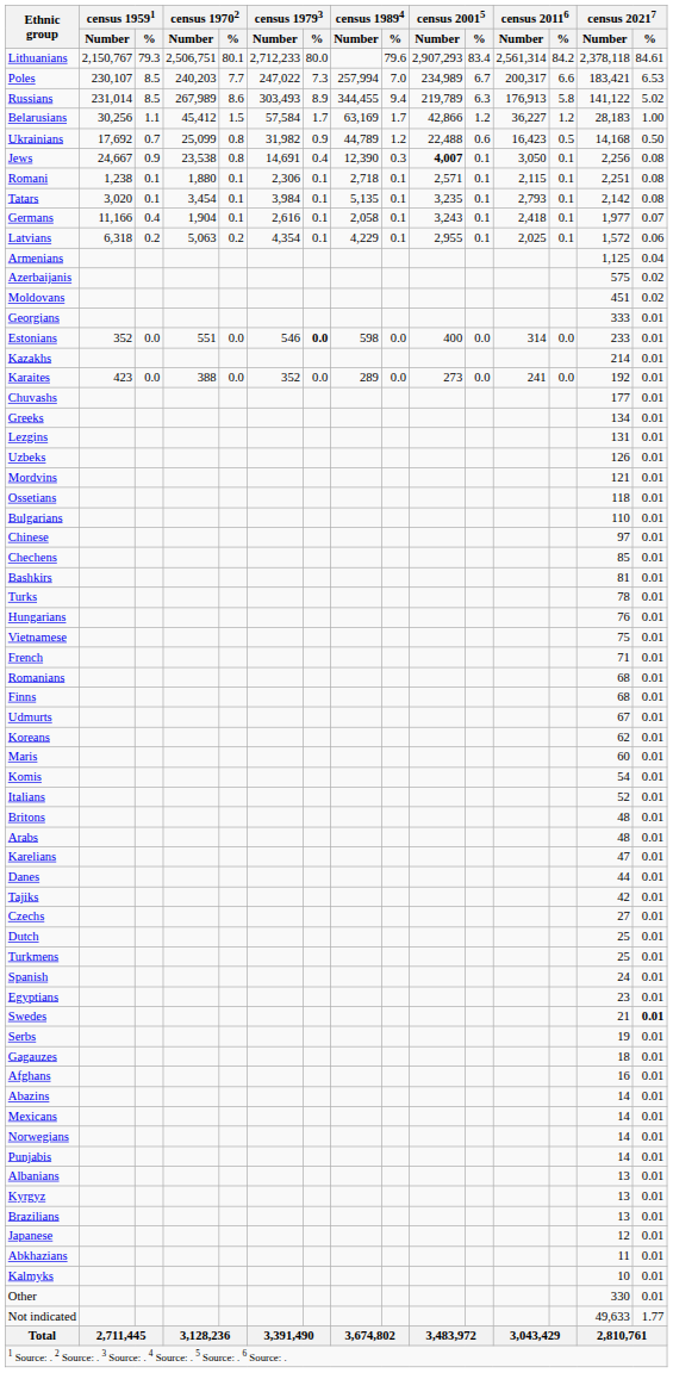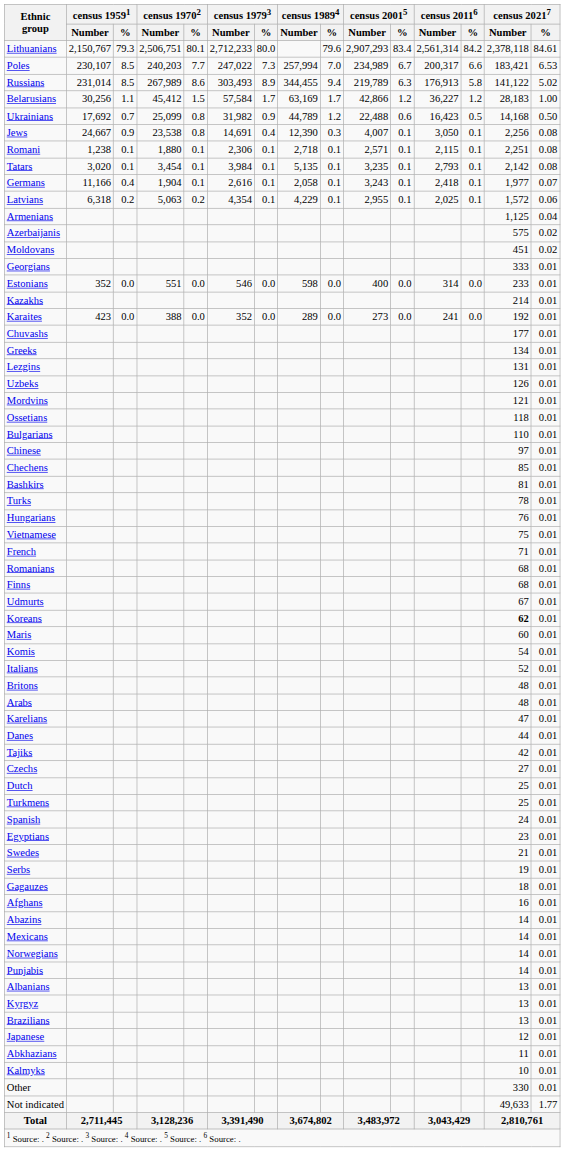 <table class="wikitable sortable">
 <tr bgcolor="#e0e0e0">
 <th rowspan="2">Ethnic<br>group</th>
 <th colspan="2">census 1959<sup>1</sup></th>
 <th colspan="2">census 1970<sup>2</sup></th>
 <th colspan="2">census 1979<sup>3</sup></th>
 <th colspan="2">census 1989<sup>4</sup></th>
 <th colspan="2">census 2001<sup>5</sup></th>
 <th colspan="2">census 2011<sup>6</sup></th>
 <th colspan="2">census 2021<sup>7</sup></th>
 </tr>
 <tr bgcolor="#e0e0e0">
 <th>Number</th>
 <th>%</th>
 <th>Number</th>
 <th>%</th>
 <th>Number</th>
 <th>%</th>
 <th>Number</th>
 <th>%</th>
 <th>Number</th>
 <th>%</th>
 <th>Number</th>
 <th>%</th>
 <th>Number</th>
 <th>%</th>
 </tr>
 <tr>
 <td><a href='#'>Lithuanians</a></td>
 <td align="right">2,150,767</td>
 <td align="right">79.3</td>
 <td align="right">2,506,751</td>
 <td align="right">80.1</td>
 <td align="right">2,712,233</td>
 <td align="right">80.0</td>
 <td align="right"></td>
 <td align="right">79.6</td>
 <td align="right">2,907,293</td>
 <td align="right">83.4</td>
 <td align="right">2,561,314</td>
 <td align="right">84.2</td>
 <td align="right">2,378,118</td>
 <td align="right">84.61</td>
 </tr>
 <tr>
 <td><a href='#'>Poles</a></td>
 <td align="right">230,107</td>
 <td align="right">8.5</td>
 <td align="right">240,203</td>
 <td align="right">7.7</td>
 <td align="right">247,022</td>
 <td align="right">7.3</td>
 <td align="right">257,994</td>
 <td align="right">7.0</td>
 <td align="right">234,989</td>
 <td align="right">6.7</td>
 <td align="right">200,317</td>
 <td align="right">6.6</td>
 <td align="right">183,421</td>
 <td align="right">6.53</td>
 </tr>
 <tr>
 <td><a href='#'>Russians</a></td>
 <td align="right">231,014</td>
 <td align="right">8.5</td>
 <td align="right">267,989</td>
 <td align="right">8.6</td>
 <td align="right">303,493</td>
 <td align="right">8.9</td>
 <td align="right">344,455</td>
 <td align="right">9.4</td>
 <td align="right">219,789</td>
 <td align="right">6.3</td>
 <td align="right">176,913</td>
 <td align="right">5.8</td>
 <td align="right">141,122</td>
 <td align="right">5.02</td>
 </tr>
 <tr>
 <td><a href='#'>Belarusians</a></td>
 <td align="right">30,256</td>
 <td align="right">1.1</td>
 <td align="right">45,412</td>
 <td align="right">1.5</td>
 <td align="right">57,584</td>
 <td align="right">1.7</td>
 <td align="right">63,169</td>
 <td align="right">1.7</td>
 <td align="right">42,866</td>
 <td align="right">1.2</td>
 <td align="right">36,227</td>
 <td align="right">1.2</td>
 <td align="right">28,183</td>
 <td align="right">1.00</td>
 </tr>
 <tr>
 <td><a href='#'>Ukrainians</a></td>
 <td align="right">17,692</td>
 <td align="right">0.7</td>
 <td align="right">25,099</td>
 <td align="right">0.8</td>
 <td align="right">31,982</td>
 <td align="right">0.9</td>
 <td align="right">44,789</td>
 <td align="right">1.2</td>
 <td align="right">22,488</td>
 <td align="right">0.6</td>
 <td align="right">16,423</td>
 <td align="right">0.5</td>
 <td align="right">14,168</td>
 <td align="right">0.50</td>
 </tr>
 <tr>
 <td><a href='#'>Jews</a></td>
 <td align="right">24,667</td>
 <td align="right">0.9</td>
 <td align="right">23,538</td>
 <td align="right">0.8</td>
 <td align="right">14,691</td>
 <td align="right">0.4</td>
 <td align="right">12,390</td>
 <td align="right">0.3</td>
-<td align="right"><strong>4,007</strong></td>
+<td align="right">4,007</td>
 <td align="right">0.1</td>
 <td align="right">3,050</td>
 <td align="right">0.1</td>
 <td align="right">2,256</td>
 <td align="right">0.08</td>
 </tr>
 <tr>
 <td><a href='#'>Romani</a></td>
 <td align="right">1,238</td>
 <td align="right">0.1</td>
 <td align="right">1,880</td>
 <td align="right">0.1</td>
 <td align="right">2,306</td>
 <td align="right">0.1</td>
 <td align="right">2,718</td>
 <td align="right">0.1</td>
 <td align="right">2,571</td>
 <td align="right">0.1</td>
 <td align="right">2,115</td>
 <td align="right">0.1</td>
 <td align="right">2,251</td>
 <td align="right">0.08</td>
 </tr>
 <tr>
 <td><a href='#'>Tatars</a></td>
 <td align="right">3,020</td>
 <td align="right">0.1</td>
 <td align="right">3,454</td>
 <td align="right">0.1</td>
 <td align="right">3,984</td>
 <td align="right">0.1</td>
 <td align="right">5,135</td>
 <td align="right">0.1</td>
 <td align="right">3,235</td>
 <td align="right">0.1</td>
 <td align="right">2,793</td>
 <td align="right">0.1</td>
 <td align="right">2,142</td>
 <td align="right">0.08</td>
 </tr>
 <tr>
 <td><a href='#'>Germans</a></td>
 <td align="right">11,166</td>
 <td align="right">0.4</td>
 <td align="right">1,904</td>
 <td align="right">0.1</td>
 <td align="right">2,616</td>
 <td align="right">0.1</td>
 <td align="right">2,058</td>
 <td align="right">0.1</td>
 <td align="right">3,243</td>
 <td align="right">0.1</td>
 <td align="right">2,418</td>
 <td align="right">0.1</td>
 <td align="right">1,977</td>
 <td align="right">0.07</td>
 </tr>
 <tr>
 <td><a href='#'>Latvians</a></td>
 <td align="right">6,318</td>
 <td align="right">0.2</td>
 <td align="right">5,063</td>
 <td align="right">0.2</td>
 <td align="right">4,354</td>
 <td align="right">0.1</td>
 <td align="right">4,229</td>
 <td align="right">0.1</td>
 <td align="right">2,955</td>
 <td align="right">0.1</td>
 <td align="right">2,025</td>
 <td align="right">0.1</td>
 <td align="right">1,572</td>
 <td align="right">0.06</td>
 </tr>
 <tr>
 <td><a href='#'>Armenians</a></td>
 <td align="right"></td>
 <td align="right"></td>
 <td align="right"></td>
 <td align="right"></td>
 <td align="right"></td>
 <td align="right"></td>
 <td align="right"></td>
 <td align="right"></td>
 <td align="right"></td>
 <td align="right"></td>
 <td align="right"></td>
 <td align="right"></td>
 <td align="right">1,125</td>
 <td align="right">0.04</td>
 </tr>
 <tr>
 <td><a href='#'>Azerbaijanis</a></td>
 <td align="right"></td>
 <td align="right"></td>
 <td align="right"></td>
 <td align="right"></td>
 <td align="right"></td>
 <td align="right"></td>
 <td align="right"></td>
 <td align="right"></td>
 <td align="right"></td>
 <td align="right"></td>
 <td align="right"></td>
 <td align="right"></td>
 <td align="right">575</td>
 <td align="right">0.02</td>
 </tr>
 <tr>
 <td><a href='#'>Moldovans</a></td>
 <td align="right"></td>
 <td align="right"></td>
 <td align="right"></td>
 <td align="right"></td>
 <td align="right"></td>
 <td align="right"></td>
 <td align="right"></td>
 <td align="right"></td>
 <td align="right"></td>
 <td align="right"></td>
 <td align="right"></td>
 <td align="right"></td>
 <td align="right">451</td>
 <td align="right">0.02</td>
 </tr>
 <tr>
 <td><a href='#'>Georgians</a></td>
 <td align="right"></td>
 <td align="right"></td>
 <td align="right"></td>
 <td align="right"></td>
 <td align="right"></td>
 <td align="right"></td>
 <td align="right"></td>
 <td align="right"></td>
 <td align="right"></td>
 <td align="right"></td>
 <td align="right"></td>
 <td align="right"></td>
 <td align="right">333</td>
 <td align="right">0.01</td>
 </tr>
 <tr>
 <td><a href='#'>Estonians</a></td>
 <td align="right">352</td>
 <td align="right">0.0</td>
 <td align="right">551</td>
 <td align="right">0.0</td>
 <td align="right">546</td>
-<td align="right"><strong>0.0</strong></td>
+<td align="right">0.0</td>
 <td align="right">598</td>
 <td align="right">0.0</td>
 <td align="right">400</td>
 <td align="right">0.0</td>
 <td align="right">314</td>
 <td align="right">0.0</td>
 <td align="right">233</td>
 <td align="right">0.01</td>
 </tr>
 <tr>
 <td><a href='#'>Kazakhs</a></td>
 <td align="right"></td>
 <td align="right"></td>
 <td align="right"></td>
 <td align="right"></td>
 <td align="right"></td>
 <td align="right"></td>
 <td align="right"></td>
 <td align="right"></td>
 <td align="right"></td>
 <td align="right"></td>
 <td align="right"></td>
 <td align="right"></td>
 <td align="right">214</td>
 <td align="right">0.01</td>
 </tr>
 <tr>
 <td><a href='#'>Karaites</a></td>
 <td align="right">423</td>
 <td align="right">0.0</td>
 <td align="right">388</td>
 <td align="right">0.0</td>
 <td align="right">352</td>
 <td align="right">0.0</td>
 <td align="right">289</td>
 <td align="right">0.0</td>
 <td align="right">273</td>
 <td align="right">0.0</td>
 <td align="right">241</td>
 <td align="right">0.0</td>
 <td align="right">192</td>
 <td align="right">0.01</td>
 </tr>
 <tr>
 <td><a href='#'>Chuvashs</a></td>
 <td align="right"></td>
 <td align="right"></td>
 <td align="right"></td>
 <td align="right"></td>
 <td align="right"></td>
 <td align="right"></td>
 <td align="right"></td>
 <td align="right"></td>
 <td align="right"></td>
 <td align="right"></td>
 <td align="right"></td>
 <td align="right"></td>
 <td align="right">177</td>
 <td align="right">0.01</td>
 </tr>
 <tr>
 <td><a href='#'>Greeks</a></td>
 <td align="right"></td>
 <td align="right"></td>
 <td align="right"></td>
 <td align="right"></td>
 <td align="right"></td>
 <td align="right"></td>
 <td align="right"></td>
 <td align="right"></td>
 <td align="right"></td>
 <td align="right"></td>
 <td align="right"></td>
 <td align="right"></td>
 <td align="right">134</td>
 <td align="right">0.01</td>
 </tr>
 <tr>
 <td><a href='#'>Lezgins</a></td>
 <td align="right"></td>
 <td align="right"></td>
 <td align="right"></td>
 <td align="right"></td>
 <td align="right"></td>
 <td align="right"></td>
 <td align="right"></td>
 <td align="right"></td>
 <td align="right"></td>
 <td align="right"></td>
 <td align="right"></td>
 <td align="right"></td>
 <td align="right">131</td>
 <td align="right">0.01</td>
 </tr>
 <tr>
 <td><a href='#'>Uzbeks</a></td>
 <td align="right"></td>
 <td align="right"></td>
 <td align="right"></td>
 <td align="right"></td>
 <td align="right"></td>
 <td align="right"></td>
 <td align="right"></td>
 <td align="right"></td>
 <td align="right"></td>
 <td align="right"></td>
 <td align="right"></td>
 <td align="right"></td>
 <td align="right">126</td>
 <td align="right">0.01</td>
 </tr>
 <tr>
 <td><a href='#'>Mordvins</a></td>
 <td align="right"></td>
 <td align="right"></td>
 <td align="right"></td>
 <td align="right"></td>
 <td align="right"></td>
 <td align="right"></td>
 <td align="right"></td>
 <td align="right"></td>
 <td align="right"></td>
 <td align="right"></td>
 <td align="right"></td>
 <td align="right"></td>
 <td align="right">121</td>
 <td align="right">0.01</td>
 </tr>
 <tr>
 <td><a href='#'>Ossetians</a></td>
 <td align="right"></td>
 <td align="right"></td>
 <td align="right"></td>
 <td align="right"></td>
 <td align="right"></td>
 <td align="right"></td>
 <td align="right"></td>
 <td align="right"></td>
 <td align="right"></td>
 <td align="right"></td>
 <td align="right"></td>
 <td align="right"></td>
 <td align="right">118</td>
 <td align="right">0.01</td>
 </tr>
 <tr>
 <td><a href='#'>Bulgarians</a></td>
 <td align="right"></td>
 <td align="right"></td>
 <td align="right"></td>
 <td align="right"></td>
 <td align="right"></td>
 <td align="right"></td>
 <td align="right"></td>
 <td align="right"></td>
 <td align="right"></td>
 <td align="right"></td>
 <td align="right"></td>
 <td align="right"></td>
 <td align="right">110</td>
 <td align="right">0.01</td>
 </tr>
 <tr>
 <td><a href='#'>Chinese</a></td>
 <td align="right"></td>
 <td align="right"></td>
 <td align="right"></td>
 <td align="right"></td>
 <td align="right"></td>
 <td align="right"></td>
 <td align="right"></td>
 <td align="right"></td>
 <td align="right"></td>
 <td align="right"></td>
 <td align="right"></td>
 <td align="right"></td>
 <td align="right">97</td>
 <td align="right">0.01</td>
 </tr>
 <tr>
 <td><a href='#'>Chechens</a></td>
 <td align="right"></td>
 <td align="right"></td>
 <td align="right"></td>
 <td align="right"></td>
 <td align="right"></td>
 <td align="right"></td>
 <td align="right"></td>
 <td align="right"></td>
 <td align="right"></td>
 <td align="right"></td>
 <td align="right"></td>
 <td align="right"></td>
 <td align="right">85</td>
 <td align="right">0.01</td>
 </tr>
 <tr>
 <td><a href='#'>Bashkirs</a></td>
 <td align="right"></td>
 <td align="right"></td>
 <td align="right"></td>
 <td align="right"></td>
 <td align="right"></td>
 <td align="right"></td>
 <td align="right"></td>
 <td align="right"></td>
 <td align="right"></td>
 <td align="right"></td>
 <td align="right"></td>
 <td align="right"></td>
 <td align="right">81</td>
 <td align="right">0.01</td>
 </tr>
 <tr>
 <td><a href='#'>Turks</a></td>
 <td align="right"></td>
 <td align="right"></td>
 <td align="right"></td>
 <td align="right"></td>
 <td align="right"></td>
 <td align="right"></td>
 <td align="right"></td>
 <td align="right"></td>
 <td align="right"></td>
 <td align="right"></td>
 <td align="right"></td>
 <td align="right"></td>
 <td align="right">78</td>
 <td align="right">0.01</td>
 </tr>
 <tr>
 <td><a href='#'>Hungarians</a></td>
 <td align="right"></td>
 <td align="right"></td>
 <td align="right"></td>
 <td align="right"></td>
 <td align="right"></td>
 <td align="right"></td>
 <td align="right"></td>
 <td align="right"></td>
 <td align="right"></td>
 <td align="right"></td>
 <td align="right"></td>
 <td align="right"></td>
 <td align="right">76</td>
 <td align="right">0.01</td>
 </tr>
 <tr>
 <td><a href='#'>Vietnamese</a></td>
 <td align="right"></td>
 <td align="right"></td>
 <td align="right"></td>
 <td align="right"></td>
 <td align="right"></td>
 <td align="right"></td>
 <td align="right"></td>
 <td align="right"></td>
 <td align="right"></td>
 <td align="right"></td>
 <td align="right"></td>
 <td align="right"></td>
 <td align="right">75</td>
 <td align="right">0.01</td>
 </tr>
 <tr>
 <td><a href='#'>French</a></td>
 <td align="right"></td>
 <td align="right"></td>
 <td align="right"></td>
 <td align="right"></td>
 <td align="right"></td>
 <td align="right"></td>
 <td align="right"></td>
 <td align="right"></td>
 <td align="right"></td>
 <td align="right"></td>
 <td align="right"></td>
 <td align="right"></td>
 <td align="right">71</td>
 <td align="right">0.01</td>
 </tr>
 <tr>
 <td><a href='#'>Romanians</a></td>
 <td align="right"></td>
 <td align="right"></td>
 <td align="right"></td>
 <td align="right"></td>
 <td align="right"></td>
 <td align="right"></td>
 <td align="right"></td>
 <td align="right"></td>
 <td align="right"></td>
 <td align="right"></td>
 <td align="right"></td>
 <td align="right"></td>
 <td align="right">68</td>
 <td align="right">0.01</td>
 </tr>
 <tr>
 <td><a href='#'>Finns</a></td>
 <td align="right"></td>
 <td align="right"></td>
 <td align="right"></td>
 <td align="right"></td>
 <td align="right"></td>
 <td align="right"></td>
 <td align="right"></td>
 <td align="right"></td>
 <td align="right"></td>
 <td align="right"></td>
 <td align="right"></td>
 <td align="right"></td>
 <td align="right">68</td>
 <td align="right">0.01</td>
 </tr>
 <tr>
 <td><a href='#'>Udmurts</a></td>
 <td align="right"></td>
 <td align="right"></td>
 <td align="right"></td>
 <td align="right"></td>
 <td align="right"></td>
 <td align="right"></td>
 <td align="right"></td>
 <td align="right"></td>
 <td align="right"></td>
 <td align="right"></td>
 <td align="right"></td>
 <td align="right"></td>
 <td align="right">67</td>
 <td align="right">0.01</td>
 </tr>
 <tr>
 <td><a href='#'>Koreans</a></td>
 <td align="right"></td>
 <td align="right"></td>
 <td align="right"></td>
 <td align="right"></td>
 <td align="right"></td>
 <td align="right"></td>
 <td align="right"></td>
 <td align="right"></td>
 <td align="right"></td>
 <td align="right"></td>
 <td align="right"></td>
 <td align="right"></td>
-<td align="right">62</td>
+<td align="right"><strong>62</strong></td>
 <td align="right">0.01</td>
 </tr>
 <tr>
 <td><a href='#'>Maris</a></td>
 <td align="right"></td>
 <td align="right"></td>
 <td align="right"></td>
 <td align="right"></td>
 <td align="right"></td>
 <td align="right"></td>
 <td align="right"></td>
 <td align="right"></td>
 <td align="right"></td>
 <td align="right"></td>
 <td align="right"></td>
 <td align="right"></td>
 <td align="right">60</td>
 <td align="right">0.01</td>
 </tr>
 <tr>
 <td><a href='#'>Komis</a></td>
 <td align="right"></td>
 <td align="right"></td>
 <td align="right"></td>
 <td align="right"></td>
 <td align="right"></td>
 <td align="right"></td>
 <td align="right"></td>
 <td align="right"></td>
 <td align="right"></td>
 <td align="right"></td>
 <td align="right"></td>
 <td align="right"></td>
 <td align="right">54</td>
 <td align="right">0.01</td>
 </tr>
 <tr>
 <td><a href='#'>Italians</a></td>
 <td align="right"></td>
 <td align="right"></td>
 <td align="right"></td>
 <td align="right"></td>
 <td align="right"></td>
 <td align="right"></td>
 <td align="right"></td>
 <td align="right"></td>
 <td align="right"></td>
 <td align="right"></td>
 <td align="right"></td>
 <td align="right"></td>
 <td align="right">52</td>
 <td align="right">0.01</td>
 </tr>
 <tr>
 <td><a href='#'>Britons</a></td>
 <td align="right"></td>
 <td align="right"></td>
 <td align="right"></td>
 <td align="right"></td>
 <td align="right"></td>
 <td align="right"></td>
 <td align="right"></td>
 <td align="right"></td>
 <td align="right"></td>
 <td align="right"></td>
 <td align="right"></td>
 <td align="right"></td>
 <td align="right">48</td>
 <td align="right">0.01</td>
 </tr>
 <tr>
 <td><a href='#'>Arabs</a></td>
 <td align="right"></td>
 <td align="right"></td>
 <td align="right"></td>
 <td align="right"></td>
 <td align="right"></td>
 <td align="right"></td>
 <td align="right"></td>
 <td align="right"></td>
 <td align="right"></td>
 <td align="right"></td>
 <td align="right"></td>
 <td align="right"></td>
 <td align="right">48</td>
 <td align="right">0.01</td>
 </tr>
 <tr>
 <td><a href='#'>Karelians</a></td>
 <td align="right"></td>
 <td align="right"></td>
 <td align="right"></td>
 <td align="right"></td>
 <td align="right"></td>
 <td align="right"></td>
 <td align="right"></td>
 <td align="right"></td>
 <td align="right"></td>
 <td align="right"></td>
 <td align="right"></td>
 <td align="right"></td>
 <td align="right">47</td>
 <td align="right">0.01</td>
 </tr>
 <tr>
 <td><a href='#'>Danes</a></td>
 <td align="right"></td>
 <td align="right"></td>
 <td align="right"></td>
 <td align="right"></td>
 <td align="right"></td>
 <td align="right"></td>
 <td align="right"></td>
 <td align="right"></td>
 <td align="right"></td>
 <td align="right"></td>
 <td align="right"></td>
 <td align="right"></td>
 <td align="right">44</td>
 <td align="right">0.01</td>
 </tr>
 <tr>
 <td><a href='#'>Tajiks</a></td>
 <td align="right"></td>
 <td align="right"></td>
 <td align="right"></td>
 <td align="right"></td>
 <td align="right"></td>
 <td align="right"></td>
 <td align="right"></td>
 <td align="right"></td>
 <td align="right"></td>
 <td align="right"></td>
 <td align="right"></td>
 <td align="right"></td>
 <td align="right">42</td>
 <td align="right">0.01</td>
 </tr>
 <tr>
 <td><a href='#'>Czechs</a></td>
 <td align="right"></td>
 <td align="right"></td>
 <td align="right"></td>
 <td align="right"></td>
 <td align="right"></td>
 <td align="right"></td>
 <td align="right"></td>
 <td align="right"></td>
 <td align="right"></td>
 <td align="right"></td>
 <td align="right"></td>
 <td align="right"></td>
 <td align="right">27</td>
 <td align="right">0.01</td>
 </tr>
 <tr>
 <td><a href='#'>Dutch</a></td>
 <td align="right"></td>
 <td align="right"></td>
 <td align="right"></td>
 <td align="right"></td>
 <td align="right"></td>
 <td align="right"></td>
 <td align="right"></td>
 <td align="right"></td>
 <td align="right"></td>
 <td align="right"></td>
 <td align="right"></td>
 <td align="right"></td>
 <td align="right">25</td>
 <td align="right">0.01</td>
 </tr>
 <tr>
 <td><a href='#'>Turkmens</a></td>
 <td align="right"></td>
 <td align="right"></td>
 <td align="right"></td>
 <td align="right"></td>
 <td align="right"></td>
 <td align="right"></td>
 <td align="right"></td>
 <td align="right"></td>
 <td align="right"></td>
 <td align="right"></td>
 <td align="right"></td>
 <td align="right"></td>
 <td align="right">25</td>
 <td align="right">0.01</td>
 </tr>
 <tr>
 <td><a href='#'>Spanish</a></td>
 <td align="right"></td>
 <td align="right"></td>
 <td align="right"></td>
 <td align="right"></td>
 <td align="right"></td>
 <td align="right"></td>
 <td align="right"></td>
 <td align="right"></td>
 <td align="right"></td>
 <td align="right"></td>
 <td align="right"></td>
 <td align="right"></td>
 <td align="right">24</td>
 <td align="right">0.01</td>
 </tr>
 <tr>
 <td><a href='#'>Egyptians</a></td>
 <td align="right"></td>
 <td align="right"></td>
 <td align="right"></td>
 <td align="right"></td>
 <td align="right"></td>
 <td align="right"></td>
 <td align="right"></td>
 <td align="right"></td>
 <td align="right"></td>
 <td align="right"></td>
 <td align="right"></td>
 <td align="right"></td>
 <td align="right">23</td>
 <td align="right">0.01</td>
 </tr>
 <tr>
 <td><a href='#'>Swedes</a></td>
 <td align="right"></td>
 <td align="right"></td>
 <td align="right"></td>
 <td align="right"></td>
 <td align="right"></td>
 <td align="right"></td>
 <td align="right"></td>
 <td align="right"></td>
 <td align="right"></td>
 <td align="right"></td>
 <td align="right"></td>
 <td align="right"></td>
 <td align="right">21</td>
-<td align="right"><strong>0.01</strong></td>
+<td align="right">0.01</td>
 </tr>
 <tr>
 <td><a href='#'>Serbs</a></td>
 <td align="right"></td>
 <td align="right"></td>
 <td align="right"></td>
 <td align="right"></td>
 <td align="right"></td>
 <td align="right"></td>
 <td align="right"></td>
 <td align="right"></td>
 <td align="right"></td>
 <td align="right"></td>
 <td align="right"></td>
 <td align="right"></td>
 <td align="right">19</td>
 <td align="right">0.01</td>
 </tr>
 <tr>
 <td><a href='#'>Gagauzes</a></td>
 <td align="right"></td>
 <td align="right"></td>
 <td align="right"></td>
 <td align="right"></td>
 <td align="right"></td>
 <td align="right"></td>
 <td align="right"></td>
 <td align="right"></td>
 <td align="right"></td>
 <td align="right"></td>
 <td align="right"></td>
 <td align="right"></td>
 <td align="right">18</td>
 <td align="right">0.01</td>
 </tr>
 <tr>
 <td><a href='#'>Afghans</a></td>
 <td align="right"></td>
 <td align="right"></td>
 <td align="right"></td>
 <td align="right"></td>
 <td align="right"></td>
 <td align="right"></td>
 <td align="right"></td>
 <td align="right"></td>
 <td align="right"></td>
 <td align="right"></td>
 <td align="right"></td>
 <td align="right"></td>
 <td align="right">16</td>
 <td align="right">0.01</td>
 </tr>
 <tr>
 <td><a href='#'>Abazins</a></td>
 <td align="right"></td>
 <td align="right"></td>
 <td align="right"></td>
 <td align="right"></td>
 <td align="right"></td>
 <td align="right"></td>
 <td align="right"></td>
 <td align="right"></td>
 <td align="right"></td>
 <td align="right"></td>
 <td align="right"></td>
 <td align="right"></td>
 <td align="right">14</td>
 <td align="right">0.01</td>
 </tr>
 <tr>
 <td><a href='#'>Mexicans</a></td>
 <td align="right"></td>
 <td align="right"></td>
 <td align="right"></td>
 <td align="right"></td>
 <td align="right"></td>
 <td align="right"></td>
 <td align="right"></td>
 <td align="right"></td>
 <td align="right"></td>
 <td align="right"></td>
 <td align="right"></td>
 <td align="right"></td>
 <td align="right">14</td>
 <td align="right">0.01</td>
 </tr>
 <tr>
 <td><a href='#'>Norwegians</a></td>
 <td align="right"></td>
 <td align="right"></td>
 <td align="right"></td>
 <td align="right"></td>
 <td align="right"></td>
 <td align="right"></td>
 <td align="right"></td>
 <td align="right"></td>
 <td align="right"></td>
 <td align="right"></td>
 <td align="right"></td>
 <td align="right"></td>
 <td align="right">14</td>
 <td align="right">0.01</td>
 </tr>
 <tr>
 <td><a href='#'>Punjabis</a></td>
 <td align="right"></td>
 <td align="right"></td>
 <td align="right"></td>
 <td align="right"></td>
 <td align="right"></td>
 <td align="right"></td>
 <td align="right"></td>
 <td align="right"></td>
 <td align="right"></td>
 <td align="right"></td>
 <td align="right"></td>
 <td align="right"></td>
 <td align="right">14</td>
 <td align="right">0.01</td>
 </tr>
 <tr>
 <td><a href='#'>Albanians</a></td>
 <td align="right"></td>
 <td align="right"></td>
 <td align="right"></td>
 <td align="right"></td>
 <td align="right"></td>
 <td align="right"></td>
 <td align="right"></td>
 <td align="right"></td>
 <td align="right"></td>
 <td align="right"></td>
 <td align="right"></td>
 <td align="right"></td>
 <td align="right">13</td>
 <td align="right">0.01</td>
 </tr>
 <tr>
 <td><a href='#'>Kyrgyz</a></td>
 <td align="right"></td>
 <td align="right"></td>
 <td align="right"></td>
 <td align="right"></td>
 <td align="right"></td>
 <td align="right"></td>
 <td align="right"></td>
 <td align="right"></td>
 <td align="right"></td>
 <td align="right"></td>
 <td align="right"></td>
 <td align="right"></td>
 <td align="right">13</td>
 <td align="right">0.01</td>
 </tr>
 <tr>
 <td><a href='#'>Brazilians</a></td>
 <td align="right"></td>
 <td align="right"></td>
 <td align="right"></td>
 <td align="right"></td>
 <td align="right"></td>
 <td align="right"></td>
 <td align="right"></td>
 <td align="right"></td>
 <td align="right"></td>
 <td align="right"></td>
 <td align="right"></td>
 <td align="right"></td>
 <td align="right">13</td>
 <td align="right">0.01</td>
 </tr>
 <tr>
 <td><a href='#'>Japanese</a></td>
 <td align="right"></td>
 <td align="right"></td>
 <td align="right"></td>
 <td align="right"></td>
 <td align="right"></td>
 <td align="right"></td>
 <td align="right"></td>
 <td align="right"></td>
 <td align="right"></td>
 <td align="right"></td>
 <td align="right"></td>
 <td align="right"></td>
 <td align="right">12</td>
 <td align="right">0.01</td>
 </tr>
 <tr>
 <td><a href='#'>Abkhazians</a></td>
 <td align="right"></td>
 <td align="right"></td>
 <td align="right"></td>
 <td align="right"></td>
 <td align="right"></td>
 <td align="right"></td>
 <td align="right"></td>
 <td align="right"></td>
 <td align="right"></td>
 <td align="right"></td>
 <td align="right"></td>
 <td align="right"></td>
 <td align="right">11</td>
 <td align="right">0.01</td>
 </tr>
 <tr>
 <td><a href='#'>Kalmyks</a></td>
 <td align="right"></td>
 <td align="right"></td>
 <td align="right"></td>
 <td align="right"></td>
 <td align="right"></td>
 <td align="right"></td>
 <td align="right"></td>
 <td align="right"></td>
 <td align="right"></td>
 <td align="right"></td>
 <td align="right"></td>
 <td align="right"></td>
 <td align="right">10</td>
 <td align="right">0.01</td>
 </tr>
 <tr>
 <td>Other</td>
 <td align="right"></td>
 <td align="right"></td>
 <td align="right"></td>
 <td align="right"></td>
 <td align="right"></td>
 <td align="right"></td>
 <td align="right"></td>
 <td align="right"></td>
 <td align="right"></td>
 <td align="right"></td>
 <td align="right"></td>
 <td align="right"></td>
 <td align="right">330</td>
 <td align="right">0.01</td>
 </tr>
 <tr>
 <td>Not indicated</td>
 <td align="right"></td>
 <td align="right"></td>
 <td align="right"></td>
 <td align="right"></td>
 <td align="right"></td>
 <td align="right"></td>
 <td align="right"></td>
 <td align="right"></td>
 <td align="right"></td>
 <td align="right"></td>
 <td align="right"></td>
 <td align="right"></td>
 <td align="right">49,633</td>
 <td align="right">1.77</td>
 </tr>
 <tr bgcolor="#e0e0e0">
 <th align="left">Total</th>
 <th colspan="2">2,711,445</th>
 <th colspan="2">3,128,236</th>
 <th colspan="2">3,391,490</th>
 <th colspan="2">3,674,802</th>
 <th colspan="2">3,483,972</th>
 <th colspan="2">3,043,429</th>
 <th colspan="2">2,810,761</th>
 </tr>
 <tr>
 <td colspan="15"><small><sup>1</sup> Source:  . <sup>2</sup> Source:  . <sup>3</sup> Source:  . <sup>4</sup> Source:  . <sup>5</sup> Source: . <sup>6</sup> Source:  .</small></td>
 </tr>
 </table>
